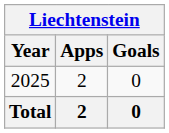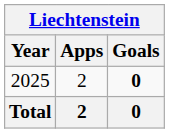 <table class="wikitable" style="text-align:center">
 <tr>
 <th colspan=4><a href='#'>Liechtenstein</a></th>
 </tr>
 <tr>
 <th>Year</th>
 <th>Apps</th>
 <th>Goals</th>
 </tr>
 <tr>
 <td>2025</td>
 <td>2</td>
-<td>0</td>
+<td><strong>0</strong></td>
 </tr>
 <tr>
 <th>Total</th>
 <th>2</th>
 <th>0</th>
 </tr>
 </table>
